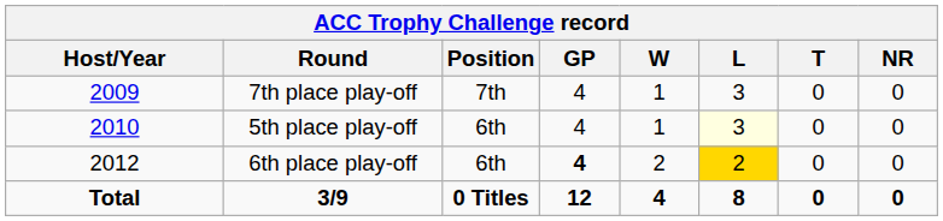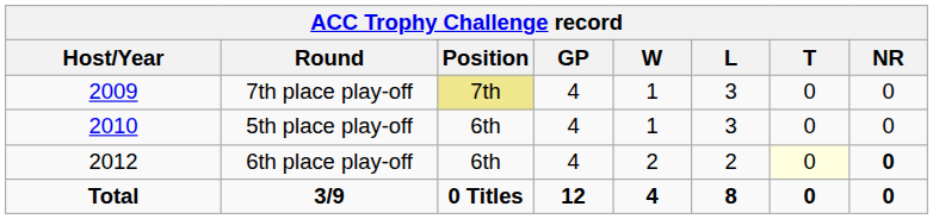 <table class="wikitable" style="text-align: center;">
 <tr>
 <th colspan=8><a href='#'>ACC Trophy Challenge</a> record</th>
 </tr>
 <tr>
 <th width=150>Host/Year</th>
 <th width=150>Round</th>
 <th width=50>Position</th>
 <th width=50>GP</th>
 <th width=50>W</th>
 <th width=50>L</th>
 <th width=50>T</th>
 <th width=50>NR</th>
 </tr>
 <tr>
 <td> <a href='#'>2009</a></td>
 <td>7th place play-off</td>
-<td>7th</td>
+<td style="background: khaki;">7th</td>
 <td>4</td>
 <td>1</td>
 <td>3</td>
 <td>0</td>
 <td>0</td>
 </tr>
 <tr>
 <td> <a href='#'>2010</a></td>
 <td>5th place play-off</td>
 <td>6th</td>
 <td>4</td>
 <td>1</td>
-<td style="background: lightyellow;">3</td>
+<td>3</td>
 <td>0</td>
 <td>0</td>
 </tr>
 <tr>
 <td> 2012</td>
 <td>6th place play-off</td>
 <td>6th</td>
-<td><strong>4</strong></td>
+<td>4</td>
 <td>2</td>
-<td style="background: gold;">2</td>
-<td>0</td>
-<td>0</td>
+<td>2</td>
+<td style="background: lightyellow;">0</td>
+<td><strong>0</strong></td>
 </tr>
 <tr>
 <td><strong>Total</strong></td>
 <td><strong>3/9</strong></td>
 <td><strong>0 Titles</strong></td>
 <td><strong>12</strong></td>
 <td><strong>4</strong></td>
 <td><strong>8</strong></td>
 <td><strong>0</strong></td>
 <td><strong>0</strong></td>
 </tr>
 </table>
